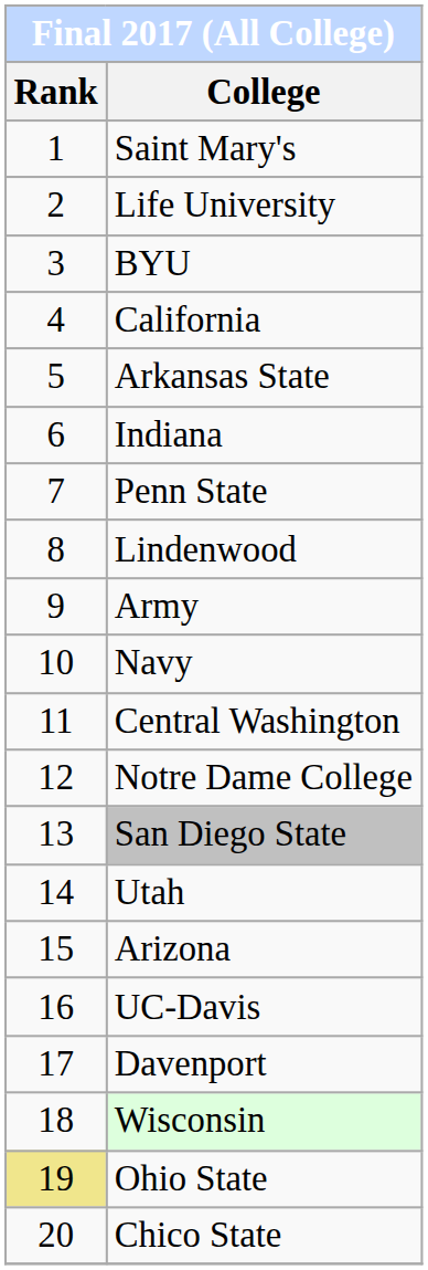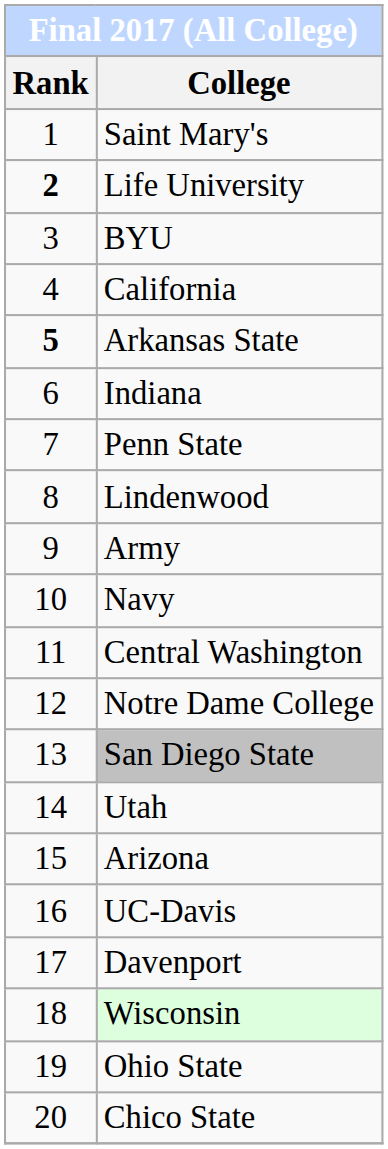 <table class="wikitable sortable collapsible collapsed">
 <tr>
 <th colspan=2 style="background:#BFD7FF;color:white">Final 2017 (All College)</th>
 </tr>
 <tr>
 <th>Rank</th>
 <th>College</th>
 </tr>
 <tr>
 <td align="center ">1</td>
 <td>Saint Mary's</td>
 </tr>
 <tr>
-<td align="center ">2</td>
+<td align="center "><strong>2</strong></td>
 <td>Life University</td>
 </tr>
 <tr>
 <td align="center ">3</td>
 <td>BYU</td>
 </tr>
 <tr>
 <td align="center ">4</td>
 <td>California</td>
 </tr>
 <tr>
-<td align="center ">5</td>
+<td align="center "><strong>5</strong></td>
 <td>Arkansas State</td>
 </tr>
 <tr>
 <td align="center ">6</td>
 <td>Indiana</td>
 </tr>
 <tr>
 <td align="center ">7</td>
 <td>Penn State</td>
 </tr>
 <tr>
 <td align="center ">8</td>
 <td>Lindenwood</td>
 </tr>
 <tr>
 <td align="center ">9</td>
 <td>Army</td>
 </tr>
 <tr>
 <td align="center ">10</td>
 <td>Navy</td>
 </tr>
 <tr>
 <td align="center ">11</td>
 <td>Central Washington</td>
 </tr>
 <tr>
 <td align="center ">12</td>
 <td>Notre Dame College</td>
 </tr>
 <tr>
 <td align="center ">13</td>
 <td style="background:silver">San Diego State</td>
 </tr>
 <tr>
 <td align="center ">14</td>
 <td>Utah</td>
 </tr>
 <tr>
 <td align="center ">15</td>
 <td>Arizona</td>
 </tr>
 <tr>
 <td align="center ">16</td>
 <td>UC-Davis</td>
 </tr>
 <tr>
 <td align="center ">17</td>
 <td>Davenport</td>
 </tr>
 <tr>
 <td align="center ">18</td>
 <td style="background:#dfd;">Wisconsin</td>
 </tr>
 <tr>
-<td align="center " style="background: khaki;">19</td>
+<td align="center ">19</td>
 <td>Ohio State</td>
 </tr>
 <tr>
 <td align="center ">20</td>
 <td>Chico State</td>
 </tr>
 <tr>
 </tr>
 </table>
